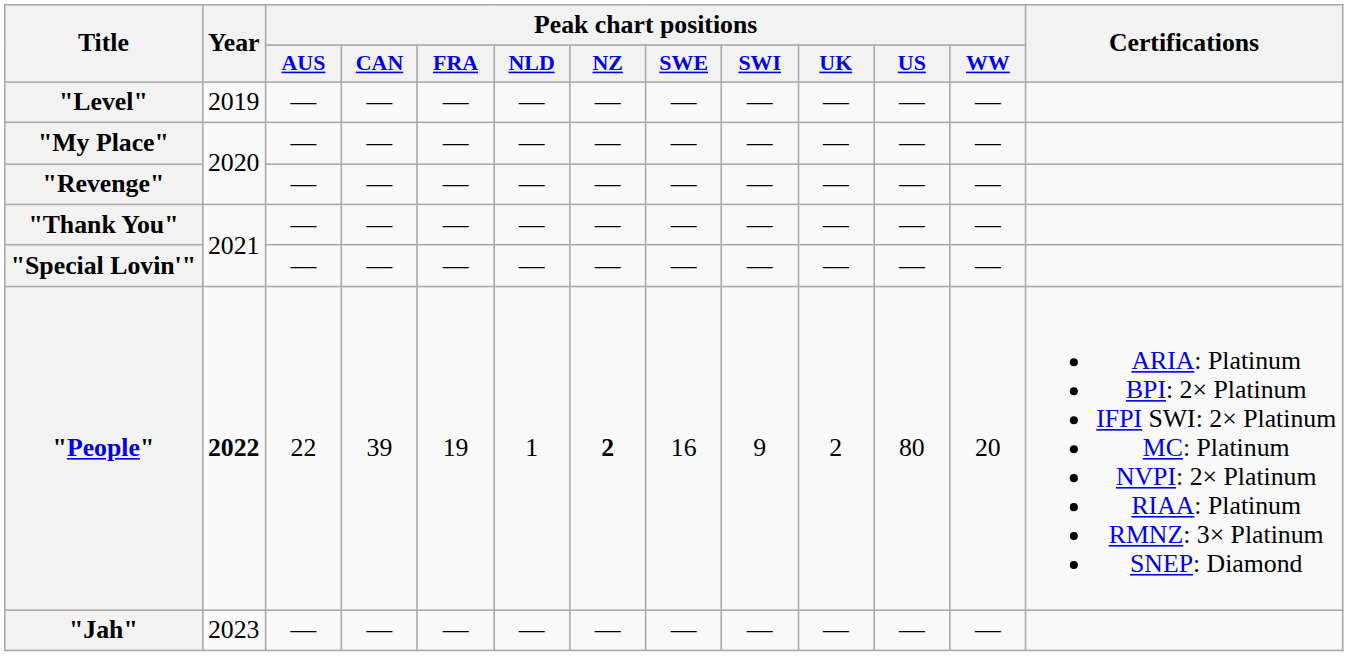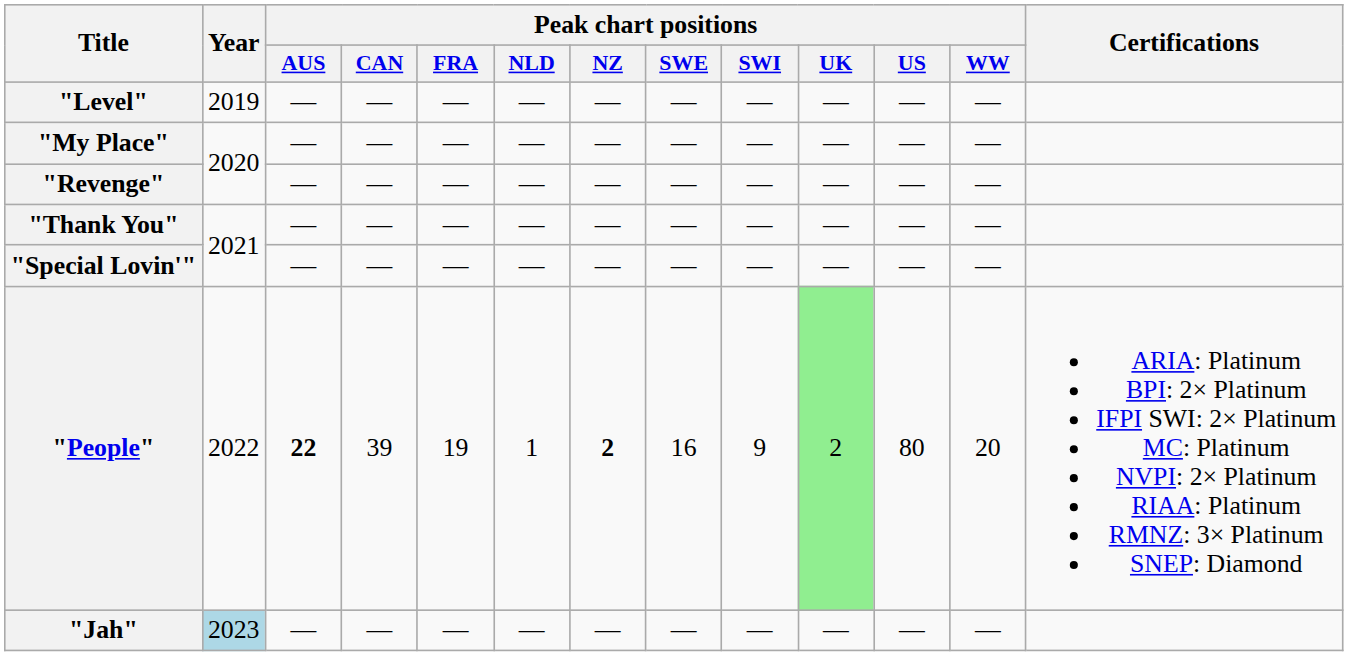 <table class="wikitable plainrowheaders" style="text-align:center">
 <tr>
 <th scope="col" rowspan="2">Title</th>
 <th scope="col" rowspan="2">Year</th>
 <th scope="col" colspan="10">Peak chart positions</th>
 <th scope="col" rowspan="2">Certifications</th>
 </tr>
 <tr>
 <th scope="col" style="width:3em;font-size:85%;"><a href='#'>AUS</a><br></th>
 <th scope="col" style="width:3em;font-size:85%;"><a href='#'>CAN</a><br></th>
 <th scope="col" style="width:3em;font-size:85%;"><a href='#'>FRA</a><br></th>
 <th scope="col" style="width:3em;font-size:85%;"><a href='#'>NLD</a><br></th>
 <th scope="col" style="width:3em;font-size:85%;"><a href='#'>NZ</a><br></th>
 <th scope="col" style="width:3em;font-size:85%;"><a href='#'>SWE</a><br></th>
 <th scope="col" style="width:3em;font-size:85%;"><a href='#'>SWI</a><br></th>
 <th scope="col" style="width:3em;font-size:85%;"><a href='#'>UK</a><br></th>
 <th scope="col" style="width:3em;font-size:85%;"><a href='#'>US</a><br></th>
 <th scope="col" style="width:3em;font-size:85%;"><a href='#'>WW</a><br></th>
 </tr>
 <tr>
 <th scope="row">"Level"</th>
 <td>2019</td>
 <td>—</td>
 <td>—</td>
 <td>—</td>
 <td>—</td>
 <td>—</td>
 <td>—</td>
 <td>—</td>
 <td>—</td>
 <td>—</td>
 <td>—</td>
 <td></td>
 </tr>
 <tr>
 <th scope="row">"My Place"</th>
 <td rowspan="2">2020</td>
 <td>—</td>
 <td>—</td>
 <td>—</td>
 <td>—</td>
 <td>—</td>
 <td>—</td>
 <td>—</td>
 <td>—</td>
 <td>—</td>
 <td>—</td>
 <td></td>
 </tr>
 <tr>
 <th scope="row">"Revenge"</th>
 <td>—</td>
 <td>—</td>
 <td>—</td>
 <td>—</td>
 <td>—</td>
 <td>—</td>
 <td>—</td>
 <td>—</td>
 <td>—</td>
 <td>—</td>
 <td></td>
 </tr>
 <tr>
 <th scope="row">"Thank You"</th>
 <td rowspan="2">2021</td>
 <td>—</td>
 <td>—</td>
 <td>—</td>
 <td>—</td>
 <td>—</td>
 <td>—</td>
 <td>—</td>
 <td>—</td>
 <td>—</td>
 <td>—</td>
 <td></td>
 </tr>
 <tr>
 <th scope="row">"Special Lovin'"</th>
 <td>—</td>
 <td>—</td>
 <td>—</td>
 <td>—</td>
 <td>—</td>
 <td>—</td>
 <td>—</td>
 <td>—</td>
 <td>—</td>
 <td>—</td>
 <td></td>
 </tr>
 <tr>
 <th scope="row">"<a href='#'>People</a>"</th>
-<td><strong>2022</strong></td>
-<td>22</td>
+<td>2022</td>
+<td><strong>22</strong></td>
 <td>39</td>
 <td>19</td>
 <td>1</td>
 <td><strong>2</strong></td>
 <td>16</td>
 <td>9</td>
-<td>2</td>
+<td style="background: lightgreen;">2</td>
 <td>80</td>
 <td>20</td>
 <td><br><ul><li><a href='#'>ARIA</a>: Platinum</li><li><a href='#'>BPI</a>: 2× Platinum</li><li><a href='#'>IFPI</a> SWI: 2× Platinum</li><li><a href='#'>MC</a>: Platinum</li><li><a href='#'>NVPI</a>: 2× Platinum</li><li><a href='#'>RIAA</a>: Platinum</li><li><a href='#'>RMNZ</a>: 3× Platinum</li><li><a href='#'>SNEP</a>: Diamond</li></ul></td>
 </tr>
 <tr>
 <th scope="row">"Jah"</th>
-<td>2023</td>
+<td style="background: lightblue;">2023</td>
 <td>—</td>
 <td>—</td>
 <td>—</td>
 <td>—</td>
 <td>—</td>
 <td>—</td>
 <td>—</td>
 <td>—</td>
 <td>—</td>
 <td>—</td>
 <td></td>
 </tr>
 </table>
